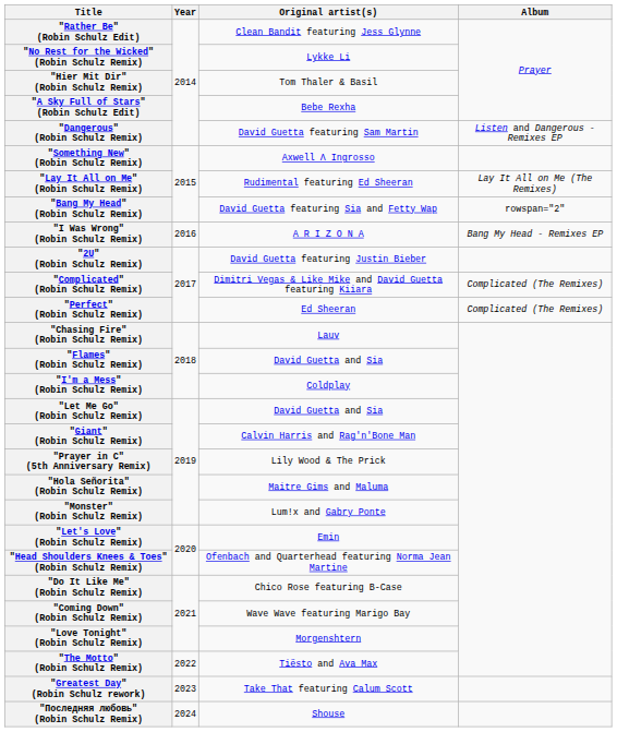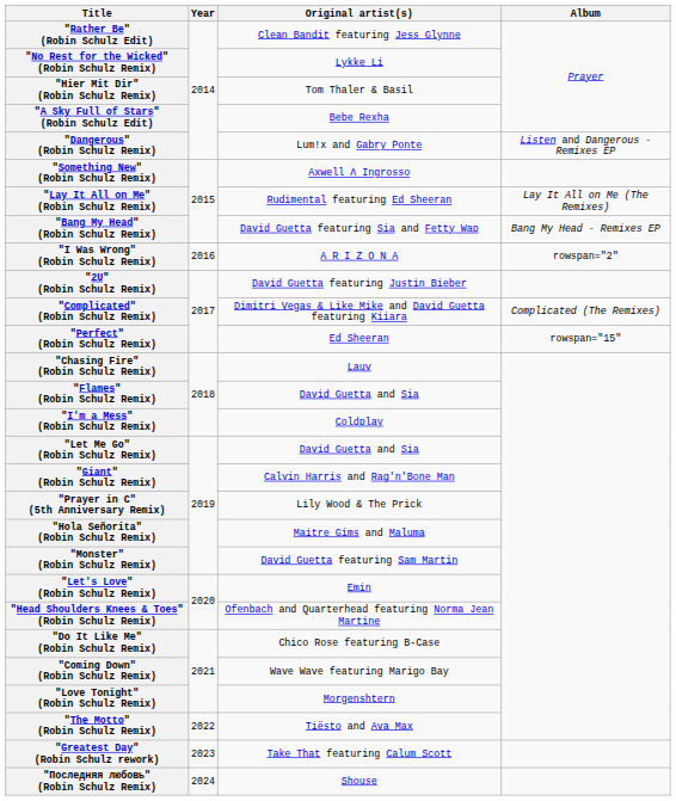 <table class="wikitable plainrowheaders" style="text-align:center;">
 <tr>
 <th scope="col" style="width:18em;">Title</th>
 <th scope="col" style="width:1em;">Year</th>
 <th scope="col">Original artist(s)</th>
 <th scope="col">Album</th>
 </tr>
 <tr>
 <th scope="row">"<a href='#'>Rather Be</a>"<br><span>(Robin Schulz Edit)</span></th>
 <td rowspan="5">2014</td>
 <td><a href='#'>Clean Bandit</a> featuring <a href='#'>Jess Glynne</a></td>
 <td rowspan="4"><em><a href='#'>Prayer</a></em></td>
 </tr>
 <tr>
 <th scope="row">"<a href='#'>No Rest for the Wicked</a>"<br><span>(Robin Schulz Remix)</span></th>
 <td><a href='#'>Lykke Li</a></td>
 </tr>
 <tr>
 <th scope="row">"Hier Mit Dir"<br><span>(Robin Schulz Remix)</span></th>
 <td>Tom Thaler & Basil</td>
 </tr>
 <tr>
 <th scope="row">"<a href='#'>A Sky Full of Stars</a>"<br><span>(Robin Schulz Edit)</span></th>
 <td><a href='#'>Bebe Rexha</a></td>
 </tr>
 <tr>
 <th scope="row">"<a href='#'>Dangerous</a>"<br><span>(Robin Schulz Remix)</span></th>
-<td><a href='#'>David Guetta</a> featuring <a href='#'>Sam Martin</a></td>
+<td>Lum!x and <a href='#'>Gabry Ponte</a></td>
 <td><em><a href='#'>Listen</a></em> and <em>Dangerous - Remixes EP</em></td>
 </tr>
 <tr>
 <th scope="row">"<a href='#'>Something New</a>"<br><span>(Robin Schulz Remix)</span></th>
 <td rowspan="3">2015</td>
 <td><a href='#'>Axwell Λ Ingrosso</a></td>
 <td></td>
 </tr>
 <tr>
 <th scope="row">"<a href='#'>Lay It All on Me</a>"<br><span>(Robin Schulz Remix)</span></th>
 <td><a href='#'>Rudimental</a> featuring <a href='#'>Ed Sheeran</a></td>
 <td><em>Lay It All on Me (The Remixes)</em></td>
 </tr>
 <tr>
 <th scope="row">"<a href='#'>Bang My Head</a>"<br><span>(Robin Schulz Remix)</span></th>
 <td><a href='#'>David Guetta</a> featuring <a href='#'>Sia</a> and <a href='#'>Fetty Wap</a></td>
-<td>rowspan="2" </td>
+<td><em>Bang My Head - Remixes EP</em></td>
 </tr>
 <tr>
 <th scope="row">"I Was Wrong"<br><span>(Robin Schulz Remix)</span></th>
 <td>2016</td>
 <td><a href='#'>A R I Z O N A</a></td>
-<td><em>Bang My Head - Remixes EP</em></td>
+<td>rowspan="2" </td>
 </tr>
 <tr>
 <th scope="row">"<a href='#'>2U</a>"<br><span>(Robin Schulz Remix)</span></th>
 <td rowspan="3">2017</td>
 <td><a href='#'>David Guetta</a> featuring <a href='#'>Justin Bieber</a></td>
 </tr>
 <tr>
 <th scope="row">"<a href='#'>Complicated</a>"<br><span>(Robin Schulz Remix)</span></th>
 <td><a href='#'>Dimitri Vegas & Like Mike</a> and <a href='#'>David Guetta</a> featuring <a href='#'>Kiiara</a></td>
 <td><em>Complicated (The Remixes)</em></td>
 </tr>
 <tr>
 <th scope="row">"<a href='#'>Perfect</a>"<br><span>(Robin Schulz Remix)</span></th>
 <td><a href='#'>Ed Sheeran</a></td>
-<td><em>Complicated (The Remixes)</em></td>
+<td>rowspan="15" </td>
 </tr>
 <tr>
 <th scope="row">"Chasing Fire"<br><span>(Robin Schulz Remix)</span></th>
 <td rowspan="3">2018</td>
 <td><a href='#'>Lauv</a></td>
 </tr>
 <tr>
 <th scope="row">"<a href='#'>Flames</a>"<br><span>(Robin Schulz Remix)</span></th>
 <td><a href='#'>David Guetta</a> and <a href='#'>Sia</a></td>
 </tr>
 <tr>
 <th scope="row">"<a href='#'>I'm a Mess</a>"<br><span>(Robin Schulz Remix)</span></th>
 <td><a href='#'>Coldplay</a></td>
 </tr>
 <tr>
 <th scope="row">"Let Me Go" <br><span>(Robin Schulz Remix)</span></th>
 <td rowspan="5">2019</td>
 <td><a href='#'>David Guetta</a> and <a href='#'>Sia</a></td>
 </tr>
 <tr>
 <th scope="row">"<a href='#'>Giant</a>" <br><span>(Robin Schulz Remix)</span></th>
 <td><a href='#'>Calvin Harris</a> and <a href='#'>Rag'n'Bone Man</a></td>
 </tr>
 <tr>
 <th scope="row">"Prayer in C" <br><span>(5th Anniversary Remix)</span></th>
 <td>Lily Wood & The Prick</td>
 </tr>
 <tr>
 <th scope="row">"Hola Señorita"<br><span>(Robin Schulz Remix)</span></th>
 <td><a href='#'>Maitre Gims</a> and <a href='#'>Maluma</a></td>
 </tr>
 <tr>
 <th scope="row">"Monster"<br><span>(Robin Schulz Remix)</span></th>
-<td>Lum!x and <a href='#'>Gabry Ponte</a></td>
+<td><a href='#'>David Guetta</a> featuring <a href='#'>Sam Martin</a></td>
 </tr>
 <tr>
 <th scope="row">"<a href='#'>Let's Love</a>"<br><span>(Robin Schulz Remix)</span></th>
 <td rowspan="2">2020</td>
 <td><a href='#'>Emin</a></td>
 </tr>
 <tr>
 <th scope="row">"<a href='#'>Head Shoulders Knees & Toes</a>" <br><span>(Robin Schulz Remix)</span></th>
 <td><a href='#'>Ofenbach</a> and Quarterhead featuring <a href='#'>Norma Jean Martine</a></td>
 </tr>
 <tr>
 <th scope="row">"Do It Like Me" <br><span>(Robin Schulz Remix)</span></th>
 <td rowspan="3">2021</td>
 <td>Chico Rose featuring B-Case</td>
 </tr>
 <tr>
 <th scope="row">"Coming Down" <br><span>(Robin Schulz Remix)</span></th>
 <td>Wave Wave featuring Marigo Bay</td>
 </tr>
 <tr>
 <th scope="row">"Love Tonight" <br><span>(Robin Schulz Remix)</span></th>
 <td><a href='#'>Morgenshtern</a></td>
 </tr>
 <tr>
 <th scope="row">"<a href='#'>The Motto</a>" <br><span>(Robin Schulz Remix)</span></th>
 <td>2022</td>
 <td><a href='#'>Tiësto</a> and <a href='#'>Ava Max</a></td>
 </tr>
 <tr>
 <th scope="row">"<a href='#'>Greatest Day</a>"<br><span>(Robin Schulz rework)</span></th>
 <td>2023</td>
 <td><a href='#'>Take That</a> featuring <a href='#'>Calum Scott</a></td>
 <td></td>
 </tr>
 <tr>
 <th scope="row">"Последняя любовь"<br><span>(Robin Schulz Remix)</span></th>
 <td>2024</td>
 <td><a href='#'>Shouse</a></td>
 <td></td>
 </tr>
 </table>
